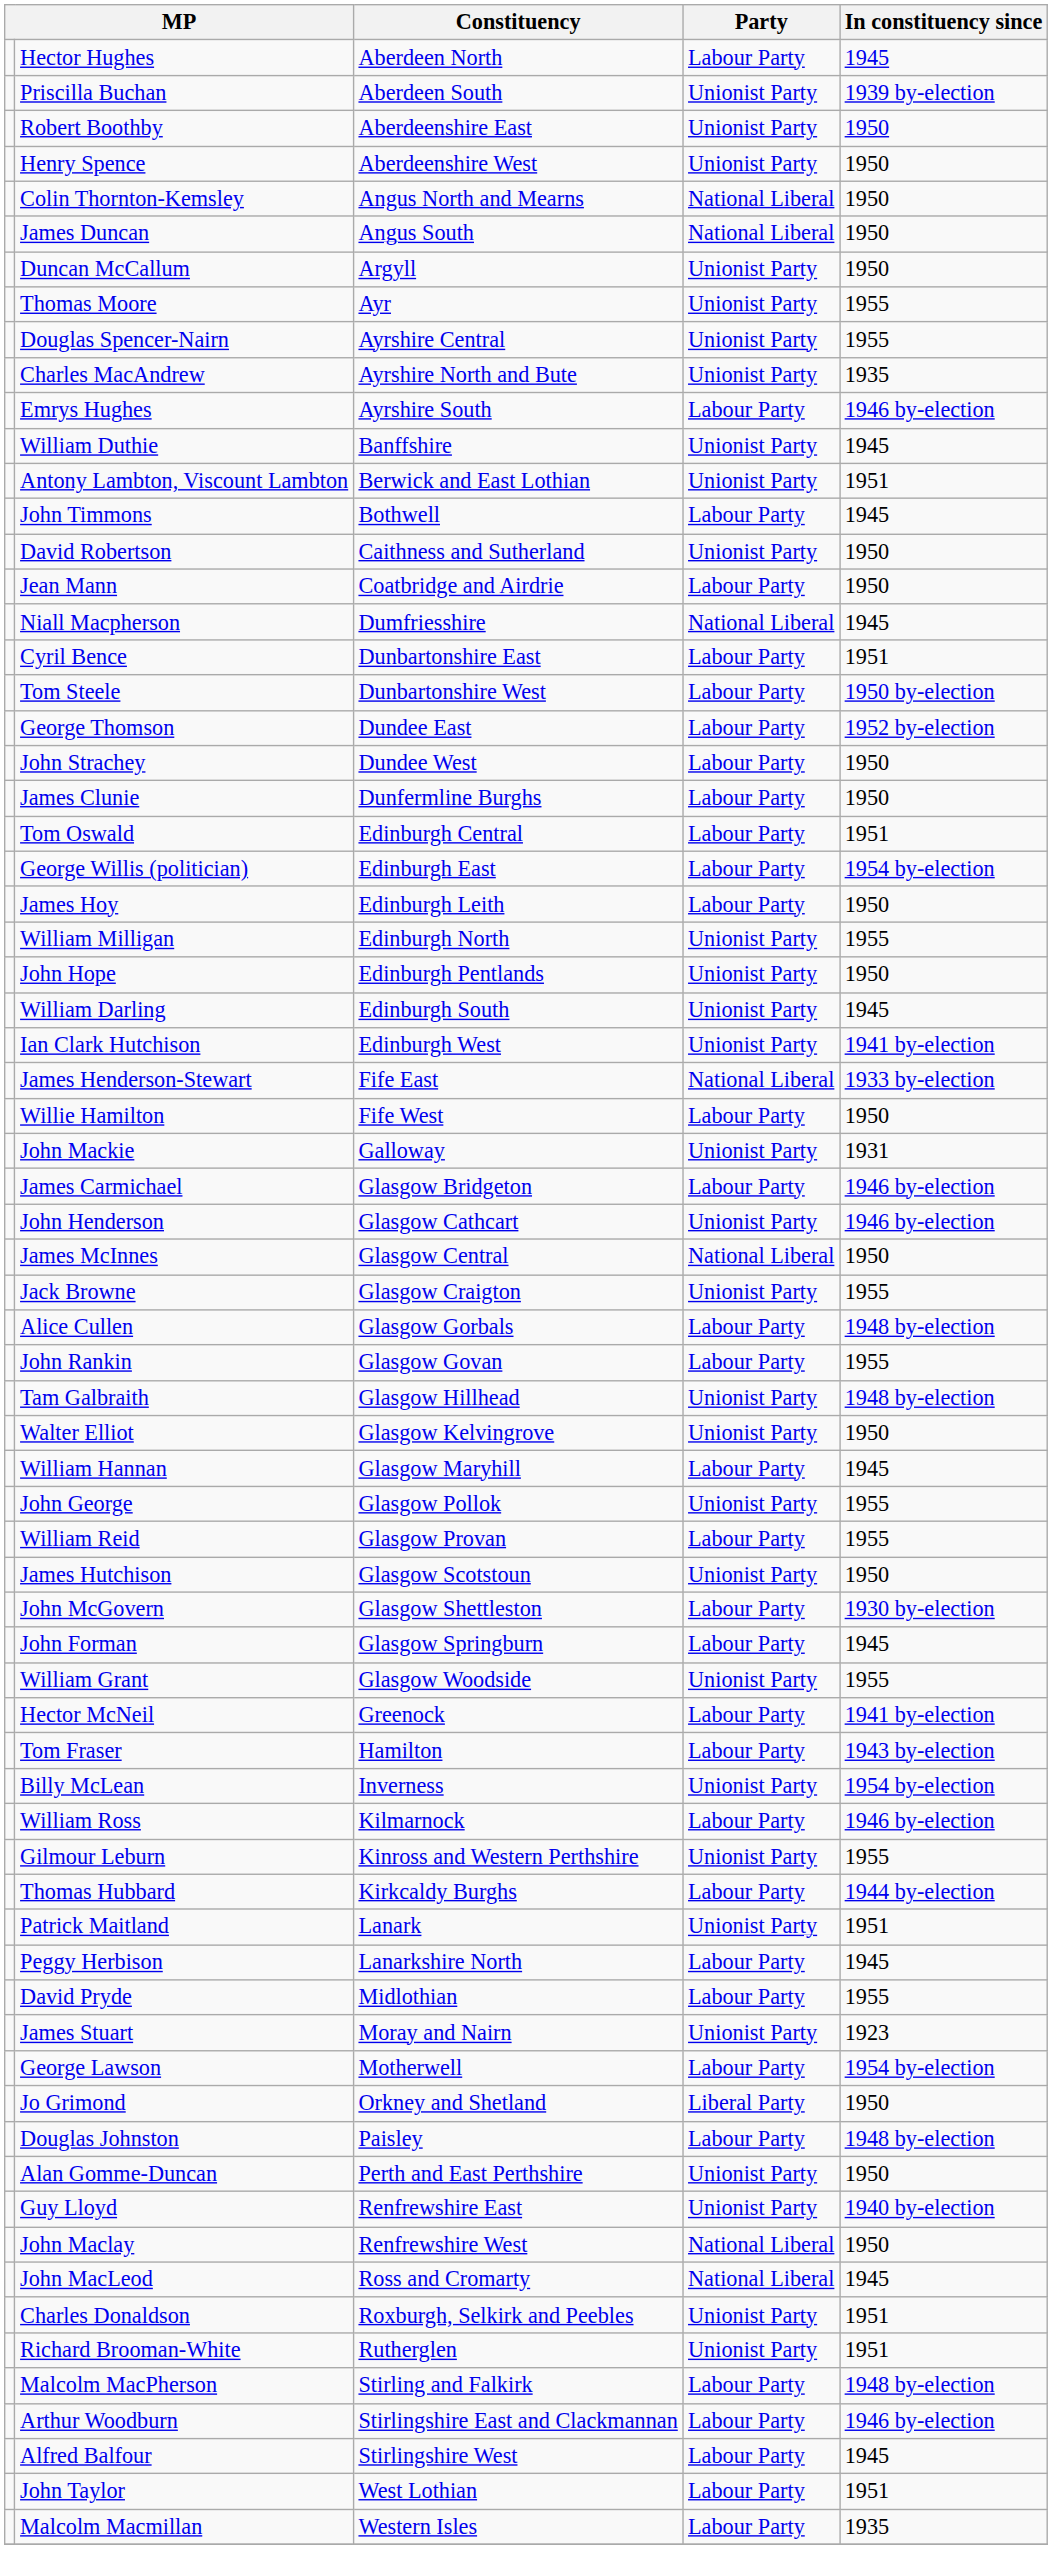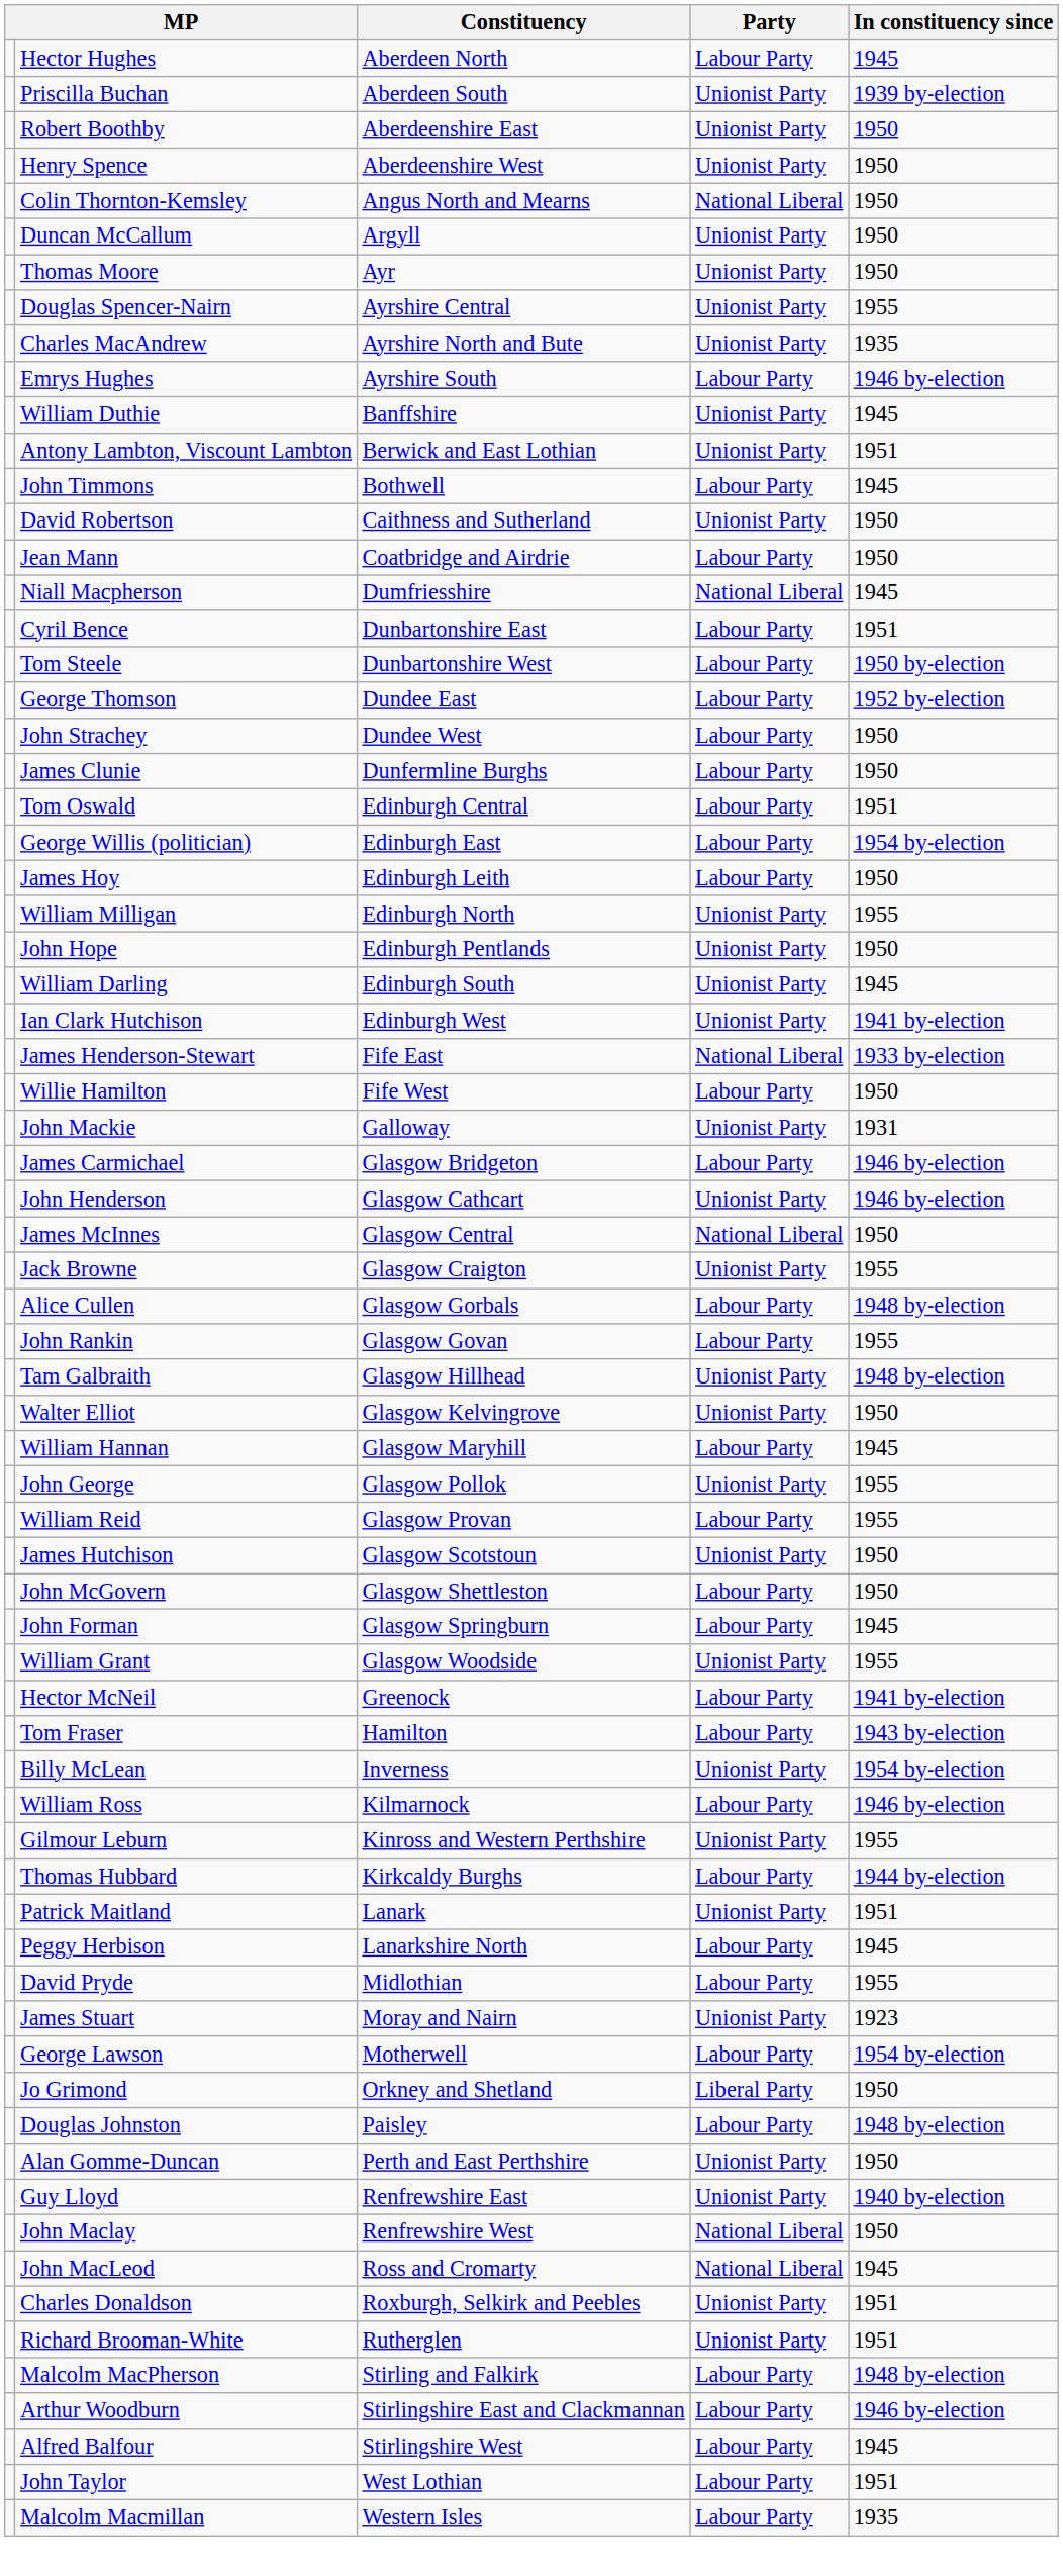 <table class="wikitable sortable">
 <tr>
 <th colspan=2>MP</th>
 <th>Constituency</th>
 <th>Party</th>
 <th>In constituency since</th>
 </tr>
 <tr>
 <td style="color:inherit;background:"></td>
 <td><a href='#'>Hector Hughes</a></td>
 <td><a href='#'>Aberdeen North</a></td>
 <td><a href='#'>Labour Party</a></td>
 <td><a href='#'>1945</a></td>
 </tr>
 <tr>
 <td style="color:inherit;background-color: "></td>
 <td><a href='#'>Priscilla Buchan</a></td>
 <td><a href='#'>Aberdeen South</a></td>
 <td><a href='#'>Unionist Party</a></td>
 <td><a href='#'>1939 by-election</a></td>
 </tr>
 <tr>
 <td style="color:inherit;background-color: "></td>
 <td><a href='#'>Robert Boothby</a></td>
 <td><a href='#'>Aberdeenshire East</a></td>
 <td><a href='#'>Unionist Party</a></td>
 <td><a href='#'>1950</a></td>
 </tr>
 <tr>
 <td style="color:inherit;background-color: "></td>
 <td><a href='#'>Henry Spence</a></td>
 <td><a href='#'>Aberdeenshire West</a></td>
 <td><a href='#'>Unionist Party</a></td>
 <td>1950</td>
 </tr>
 <tr>
 <td style="color:inherit;background-color: "></td>
 <td><a href='#'>Colin Thornton-Kemsley</a></td>
 <td><a href='#'>Angus North and Mearns</a></td>
 <td><a href='#'>National Liberal</a></td>
 <td>1950</td>
 </tr>
 <tr>
 <td style="color:inherit;background-color: "></td>
-<td><a href='#'>James Duncan</a></td>
-<td><a href='#'>Angus South</a></td>
-<td><a href='#'>National Liberal</a></td>
-<td>1950</td>
-</tr>
-<tr>
-<td style="color:inherit;background-color: "></td>
 <td><a href='#'>Duncan McCallum</a></td>
 <td><a href='#'>Argyll</a></td>
 <td><a href='#'>Unionist Party</a></td>
 <td>1950</td>
 </tr>
 <tr>
 <td style="color:inherit;background-color: "></td>
 <td><a href='#'>Thomas Moore</a></td>
 <td><a href='#'>Ayr</a></td>
 <td><a href='#'>Unionist Party</a></td>
-<td>1955</td>
+<td>1950</td>
 </tr>
 <tr>
 <td style="color:inherit;background-color: "></td>
 <td><a href='#'>Douglas Spencer-Nairn</a></td>
 <td><a href='#'>Ayrshire Central</a></td>
 <td><a href='#'>Unionist Party</a></td>
 <td>1955</td>
 </tr>
 <tr>
 <td style="color:inherit;background-color: "></td>
 <td><a href='#'>Charles MacAndrew</a></td>
 <td><a href='#'>Ayrshire North and Bute</a></td>
 <td><a href='#'>Unionist Party</a></td>
 <td>1935</td>
 </tr>
 <tr>
 <td style="color:inherit;background:"></td>
 <td><a href='#'>Emrys Hughes</a></td>
 <td><a href='#'>Ayrshire South</a></td>
 <td><a href='#'>Labour Party</a></td>
 <td><a href='#'>1946 by-election</a></td>
 </tr>
 <tr>
 <td style="color:inherit;background-color: "></td>
 <td><a href='#'>William Duthie</a></td>
 <td><a href='#'>Banffshire</a></td>
 <td><a href='#'>Unionist Party</a></td>
 <td>1945</td>
 </tr>
 <tr>
 <td style="color:inherit;background-color: "></td>
 <td><a href='#'>Antony Lambton, Viscount Lambton</a></td>
 <td><a href='#'>Berwick and East Lothian</a></td>
 <td><a href='#'>Unionist Party</a></td>
 <td>1951</td>
 </tr>
 <tr>
 <td style="color:inherit;background:"></td>
 <td><a href='#'>John Timmons</a></td>
 <td><a href='#'>Bothwell</a></td>
 <td><a href='#'>Labour Party</a></td>
 <td>1945</td>
 </tr>
 <tr>
 <td style="color:inherit;background-color: "></td>
 <td><a href='#'>David Robertson</a></td>
 <td><a href='#'>Caithness and Sutherland</a></td>
 <td><a href='#'>Unionist Party</a></td>
 <td>1950</td>
 </tr>
 <tr>
 <td style="color:inherit;background:"></td>
 <td><a href='#'>Jean Mann</a></td>
 <td><a href='#'>Coatbridge and Airdrie</a></td>
 <td><a href='#'>Labour Party</a></td>
 <td>1950</td>
 </tr>
 <tr>
 <td style="color:inherit;background-color: "></td>
 <td><a href='#'>Niall Macpherson</a></td>
 <td><a href='#'>Dumfriesshire</a></td>
 <td><a href='#'>National Liberal</a></td>
 <td>1945</td>
 </tr>
 <tr>
 <td style="color:inherit;background:"></td>
 <td><a href='#'>Cyril Bence</a></td>
 <td><a href='#'>Dunbartonshire East</a></td>
 <td><a href='#'>Labour Party</a></td>
 <td>1951</td>
 </tr>
 <tr>
 <td style="color:inherit;background:"></td>
 <td><a href='#'>Tom Steele</a></td>
 <td><a href='#'>Dunbartonshire West</a></td>
 <td><a href='#'>Labour Party</a></td>
 <td><a href='#'>1950 by-election</a></td>
 </tr>
 <tr>
 <td style="color:inherit;background:"></td>
 <td><a href='#'>George Thomson</a></td>
 <td><a href='#'>Dundee East</a></td>
 <td><a href='#'>Labour Party</a></td>
 <td><a href='#'>1952 by-election</a></td>
 </tr>
 <tr>
 <td style="color:inherit;background:"></td>
 <td><a href='#'>John Strachey</a></td>
 <td><a href='#'>Dundee West</a></td>
 <td><a href='#'>Labour Party</a></td>
 <td>1950</td>
 </tr>
 <tr>
 <td style="color:inherit;background:"></td>
 <td><a href='#'>James Clunie</a></td>
 <td><a href='#'>Dunfermline Burghs</a></td>
 <td><a href='#'>Labour Party</a></td>
 <td>1950</td>
 </tr>
 <tr>
 <td style="color:inherit;background:"></td>
 <td><a href='#'>Tom Oswald</a></td>
 <td><a href='#'>Edinburgh Central</a></td>
 <td><a href='#'>Labour Party</a></td>
 <td>1951</td>
 </tr>
 <tr>
 <td style="color:inherit;background:"></td>
 <td><a href='#'>George Willis (politician)</a></td>
 <td><a href='#'>Edinburgh East</a></td>
 <td><a href='#'>Labour Party</a></td>
 <td><a href='#'>1954 by-election</a></td>
 </tr>
 <tr>
 <td style="color:inherit;background:"></td>
 <td><a href='#'>James Hoy</a></td>
 <td><a href='#'>Edinburgh Leith</a></td>
 <td><a href='#'>Labour Party</a></td>
 <td>1950</td>
 </tr>
 <tr>
 <td style="color:inherit;background-color: "></td>
 <td><a href='#'>William Milligan</a></td>
 <td><a href='#'>Edinburgh North</a></td>
 <td><a href='#'>Unionist Party</a></td>
 <td>1955</td>
 </tr>
 <tr>
 <td style="color:inherit;background-color: "></td>
 <td><a href='#'>John Hope</a></td>
 <td><a href='#'>Edinburgh Pentlands</a></td>
 <td><a href='#'>Unionist Party</a></td>
 <td>1950</td>
 </tr>
 <tr>
 <td style="color:inherit;background-color: "></td>
 <td><a href='#'>William Darling</a></td>
 <td><a href='#'>Edinburgh South</a></td>
 <td><a href='#'>Unionist Party</a></td>
 <td>1945</td>
 </tr>
 <tr>
 <td style="color:inherit;background-color: "></td>
 <td><a href='#'>Ian Clark Hutchison</a></td>
 <td><a href='#'>Edinburgh West</a></td>
 <td><a href='#'>Unionist Party</a></td>
 <td><a href='#'>1941 by-election</a></td>
 </tr>
 <tr>
 <td style="color:inherit;background-color: "></td>
 <td><a href='#'>James Henderson-Stewart</a></td>
 <td><a href='#'>Fife East</a></td>
 <td><a href='#'>National Liberal</a></td>
 <td><a href='#'>1933 by-election</a></td>
 </tr>
 <tr>
 <td style="color:inherit;background:"></td>
 <td><a href='#'>Willie Hamilton</a></td>
 <td><a href='#'>Fife West</a></td>
 <td><a href='#'>Labour Party</a></td>
 <td>1950</td>
 </tr>
 <tr>
 <td style="color:inherit;background-color: "></td>
 <td><a href='#'>John Mackie</a></td>
 <td><a href='#'>Galloway</a></td>
 <td><a href='#'>Unionist Party</a></td>
 <td>1931</td>
 </tr>
 <tr>
 <td style="color:inherit;background:"></td>
 <td><a href='#'>James Carmichael</a></td>
 <td><a href='#'>Glasgow Bridgeton</a></td>
 <td><a href='#'>Labour Party</a></td>
 <td><a href='#'>1946 by-election</a></td>
 </tr>
 <tr>
 <td style="color:inherit;background-color: "></td>
 <td><a href='#'>John Henderson</a></td>
 <td><a href='#'>Glasgow Cathcart</a></td>
 <td><a href='#'>Unionist Party</a></td>
 <td><a href='#'>1946 by-election</a></td>
 </tr>
 <tr>
 <td style="color:inherit;background:"></td>
 <td><a href='#'>James McInnes</a></td>
 <td><a href='#'>Glasgow Central</a></td>
 <td><a href='#'>National Liberal</a></td>
 <td>1950</td>
 </tr>
 <tr>
 <td style="color:inherit;background-color: "></td>
 <td><a href='#'>Jack Browne</a></td>
 <td><a href='#'>Glasgow Craigton</a></td>
 <td><a href='#'>Unionist Party</a></td>
 <td>1955</td>
 </tr>
 <tr>
 <td style="color:inherit;background:"></td>
 <td><a href='#'>Alice Cullen</a></td>
 <td><a href='#'>Glasgow Gorbals</a></td>
 <td><a href='#'>Labour Party</a></td>
 <td><a href='#'>1948 by-election</a></td>
 </tr>
 <tr>
 <td style="color:inherit;background:"></td>
 <td><a href='#'>John Rankin</a></td>
 <td><a href='#'>Glasgow Govan</a></td>
 <td><a href='#'>Labour Party</a></td>
 <td>1955</td>
 </tr>
 <tr>
 <td style="color:inherit;background-color: "></td>
 <td><a href='#'>Tam Galbraith</a></td>
 <td><a href='#'>Glasgow Hillhead</a></td>
 <td><a href='#'>Unionist Party</a></td>
 <td><a href='#'>1948 by-election</a></td>
 </tr>
 <tr>
 <td style="color:inherit;background-color: "></td>
 <td><a href='#'>Walter Elliot</a></td>
 <td><a href='#'>Glasgow Kelvingrove</a></td>
 <td><a href='#'>Unionist Party</a></td>
 <td>1950</td>
 </tr>
 <tr>
 <td style="color:inherit;background:"></td>
 <td><a href='#'>William Hannan</a></td>
 <td><a href='#'>Glasgow Maryhill</a></td>
 <td><a href='#'>Labour Party</a></td>
 <td>1945</td>
 </tr>
 <tr>
 <td style="color:inherit;background-color: "></td>
 <td><a href='#'>John George</a></td>
 <td><a href='#'>Glasgow Pollok</a></td>
 <td><a href='#'>Unionist Party</a></td>
 <td>1955</td>
 </tr>
 <tr>
 <td style="color:inherit;background:"></td>
 <td><a href='#'>William Reid</a></td>
 <td><a href='#'>Glasgow Provan</a></td>
 <td><a href='#'>Labour Party</a></td>
 <td>1955</td>
 </tr>
 <tr>
 <td style="color:inherit;background-color: "></td>
 <td><a href='#'>James Hutchison</a></td>
 <td><a href='#'>Glasgow Scotstoun</a></td>
 <td><a href='#'>Unionist Party</a></td>
 <td>1950</td>
 </tr>
 <tr>
 <td style="color:inherit;background:"></td>
 <td><a href='#'>John McGovern</a></td>
 <td><a href='#'>Glasgow Shettleston</a></td>
 <td><a href='#'>Labour Party</a></td>
-<td><a href='#'>1930 by-election</a></td>
+<td>1950</td>
 </tr>
 <tr>
 <td style="color:inherit;background:"></td>
 <td><a href='#'>John Forman</a></td>
 <td><a href='#'>Glasgow Springburn</a></td>
 <td><a href='#'>Labour Party</a></td>
 <td>1945</td>
 </tr>
 <tr>
 <td style="color:inherit;background-color: "></td>
 <td><a href='#'>William Grant</a></td>
 <td><a href='#'>Glasgow Woodside</a></td>
 <td><a href='#'>Unionist Party</a></td>
 <td>1955</td>
 </tr>
 <tr>
 <td style="color:inherit;background:"></td>
 <td><a href='#'>Hector McNeil</a></td>
 <td><a href='#'>Greenock</a></td>
 <td><a href='#'>Labour Party</a></td>
 <td><a href='#'>1941 by-election</a></td>
 </tr>
 <tr>
 <td style="color:inherit;background:"></td>
 <td><a href='#'>Tom Fraser</a></td>
 <td><a href='#'>Hamilton</a></td>
 <td><a href='#'>Labour Party</a></td>
 <td><a href='#'>1943 by-election</a></td>
 </tr>
 <tr>
 <td style="color:inherit;background-color: "></td>
 <td><a href='#'>Billy McLean</a></td>
 <td><a href='#'>Inverness</a></td>
 <td><a href='#'>Unionist Party</a></td>
 <td><a href='#'>1954 by-election</a></td>
 </tr>
 <tr>
 <td style="color:inherit;background:"></td>
 <td><a href='#'>William Ross</a></td>
 <td><a href='#'>Kilmarnock</a></td>
 <td><a href='#'>Labour Party</a></td>
 <td><a href='#'>1946 by-election</a></td>
 </tr>
 <tr>
 <td style="color:inherit;background-color: "></td>
 <td><a href='#'>Gilmour Leburn</a></td>
 <td><a href='#'>Kinross and Western Perthshire</a></td>
 <td><a href='#'>Unionist Party</a></td>
 <td>1955</td>
 </tr>
 <tr>
 <td style="color:inherit;background:"></td>
 <td><a href='#'>Thomas Hubbard</a></td>
 <td><a href='#'>Kirkcaldy Burghs</a></td>
 <td><a href='#'>Labour Party</a></td>
 <td><a href='#'>1944 by-election</a></td>
 </tr>
 <tr>
 <td style="color:inherit;background-color: "></td>
 <td><a href='#'>Patrick Maitland</a></td>
 <td><a href='#'>Lanark</a></td>
 <td><a href='#'>Unionist Party</a></td>
 <td>1951</td>
 </tr>
 <tr>
 <td style="color:inherit;background:"></td>
 <td><a href='#'>Peggy Herbison</a></td>
 <td><a href='#'>Lanarkshire North</a></td>
 <td><a href='#'>Labour Party</a></td>
 <td>1945</td>
 </tr>
 <tr>
 <td style="color:inherit;background:"></td>
 <td><a href='#'>David Pryde</a></td>
 <td><a href='#'>Midlothian</a></td>
 <td><a href='#'>Labour Party</a></td>
 <td>1955</td>
 </tr>
 <tr>
 <td style="color:inherit;background-color: "></td>
 <td><a href='#'>James Stuart</a></td>
 <td><a href='#'>Moray and Nairn</a></td>
 <td><a href='#'>Unionist Party</a></td>
 <td>1923</td>
 </tr>
 <tr>
 <td style="color:inherit;background:"></td>
 <td><a href='#'>George Lawson</a></td>
 <td><a href='#'>Motherwell</a></td>
 <td><a href='#'>Labour Party</a></td>
 <td><a href='#'>1954 by-election</a></td>
 </tr>
 <tr>
 <td style="background-color: "></td>
 <td><a href='#'>Jo Grimond</a></td>
 <td><a href='#'>Orkney and Shetland</a></td>
 <td><a href='#'>Liberal Party</a></td>
 <td>1950</td>
 </tr>
 <tr>
 <td style="color:inherit;background:"></td>
 <td><a href='#'>Douglas Johnston</a></td>
 <td><a href='#'>Paisley</a></td>
 <td><a href='#'>Labour Party</a></td>
 <td><a href='#'>1948 by-election</a></td>
 </tr>
 <tr>
 <td style="color:inherit;background-color: "></td>
 <td><a href='#'>Alan Gomme-Duncan</a></td>
 <td><a href='#'>Perth and East Perthshire</a></td>
 <td><a href='#'>Unionist Party</a></td>
 <td>1950</td>
 </tr>
 <tr>
 <td style="color:inherit;background-color: "></td>
 <td><a href='#'>Guy Lloyd</a></td>
 <td><a href='#'>Renfrewshire East</a></td>
 <td><a href='#'>Unionist Party</a></td>
 <td><a href='#'>1940 by-election</a></td>
 </tr>
 <tr>
 <td style="color:inherit;background-color: "></td>
 <td><a href='#'>John Maclay</a></td>
 <td><a href='#'>Renfrewshire West</a></td>
 <td><a href='#'>National Liberal</a></td>
 <td>1950</td>
 </tr>
 <tr>
 <td style="color:inherit;background-color: "></td>
 <td><a href='#'>John MacLeod</a></td>
 <td><a href='#'>Ross and Cromarty</a></td>
 <td><a href='#'>National Liberal</a></td>
 <td>1945</td>
 </tr>
 <tr>
 <td style="color:inherit;background-color: "></td>
 <td><a href='#'>Charles Donaldson</a></td>
 <td><a href='#'>Roxburgh, Selkirk and Peebles</a></td>
 <td><a href='#'>Unionist Party</a></td>
 <td>1951</td>
 </tr>
 <tr>
 <td style="color:inherit;background-color: "></td>
 <td><a href='#'>Richard Brooman-White</a></td>
 <td><a href='#'>Rutherglen</a></td>
 <td><a href='#'>Unionist Party</a></td>
 <td>1951</td>
 </tr>
 <tr>
 <td style="color:inherit;background:"></td>
 <td><a href='#'>Malcolm MacPherson</a></td>
 <td><a href='#'>Stirling and Falkirk</a></td>
 <td><a href='#'>Labour Party</a></td>
 <td><a href='#'>1948 by-election</a></td>
 </tr>
 <tr>
 <td style="color:inherit;background:"></td>
 <td><a href='#'>Arthur Woodburn</a></td>
 <td><a href='#'>Stirlingshire East and Clackmannan</a></td>
 <td><a href='#'>Labour Party</a></td>
 <td><a href='#'>1946 by-election</a></td>
 </tr>
 <tr>
 <td style="color:inherit;background:"></td>
 <td><a href='#'>Alfred Balfour</a></td>
 <td><a href='#'>Stirlingshire West</a></td>
 <td><a href='#'>Labour Party</a></td>
 <td>1945</td>
 </tr>
 <tr>
 <td style="color:inherit;background:"></td>
 <td><a href='#'>John Taylor</a></td>
 <td><a href='#'>West Lothian</a></td>
 <td><a href='#'>Labour Party</a></td>
 <td>1951</td>
 </tr>
 <tr>
 <td style="color:inherit;background:"></td>
 <td><a href='#'>Malcolm Macmillan</a></td>
 <td><a href='#'>Western Isles</a></td>
 <td><a href='#'>Labour Party</a></td>
 <td>1935</td>
 </tr>
 <tr>
 </tr>
 </table>
